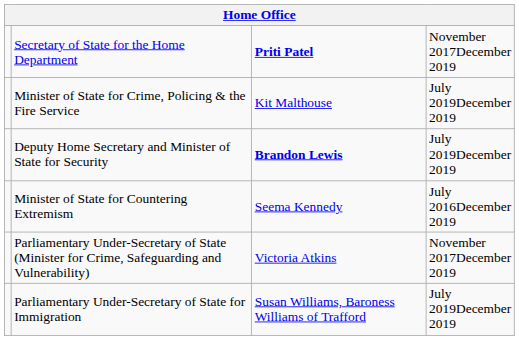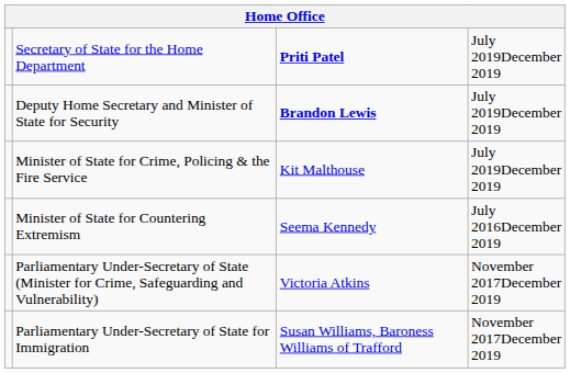 <table class="wikitable">
 <tr>
 <th colspan="4"><a href='#'>Home Office</a></th>
 </tr>
 <tr>
 <td style="width: 1px; background: "></td>
 <td style="width: 450px;"><a href='#'>Secretary of State for the Home Department</a></td>
 <td style="width: 320px;"><strong><a href='#'>Priti Patel</a></strong></td>
-<td>November 2017December 2019</td>
-</tr>
-<tr>
-<td style="background: "></td>
-<td>Minister of State for Crime, Policing & the Fire Service</td>
-<td><a href='#'>Kit Malthouse</a></td>
 <td>July 2019December 2019</td>
 </tr>
 <tr>
 <td style="background: "></td>
 <td>Deputy Home Secretary and Minister of State for Security</td>
 <td><strong><a href='#'>Brandon Lewis</a></strong></td>
+<td>July 2019December 2019</td>
+</tr>
+<tr>
+<td style="background: "></td>
+<td>Minister of State for Crime, Policing & the Fire Service</td>
+<td><a href='#'>Kit Malthouse</a></td>
 <td>July 2019December 2019</td>
 </tr>
 <tr>
 <td style="width: 1px; background: "></td>
 <td>Minister of State for Countering Extremism</td>
 <td><a href='#'>Seema Kennedy</a></td>
 <td>July 2016December 2019</td>
 </tr>
 <tr>
 <td style="background: "></td>
 <td>Parliamentary Under-Secretary of State (Minister for Crime, Safeguarding and Vulnerability)</td>
 <td><a href='#'>Victoria Atkins</a><br></td>
 <td>November 2017December 2019</td>
 </tr>
 <tr>
 <td style="width: 1px; background: "></td>
 <td>Parliamentary Under-Secretary of State for Immigration</td>
 <td><a href='#'>Susan Williams, Baroness Williams of Trafford</a><br></td>
-<td>July 2019December 2019</td>
+<td>November 2017December 2019</td>
 </tr>
 </table>
